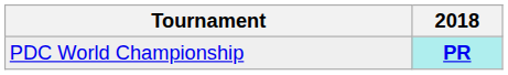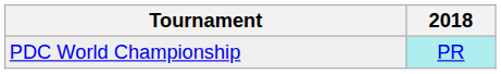 <table class="wikitable" style="width:20%; margin:0">
 <tr>
 <th>Tournament</th>
 <th>2018</th>
 </tr>
 <tr>
 <td style="background:#efefef;"><a href='#'>PDC World Championship</a></td>
-<td style="text-align:center; background:#afeeee;"><strong><a href='#'>PR</a></strong></td>
+<td style="text-align:center; background:#afeeee;"><a href='#'>PR</a></td>
 </tr>
 </table>
